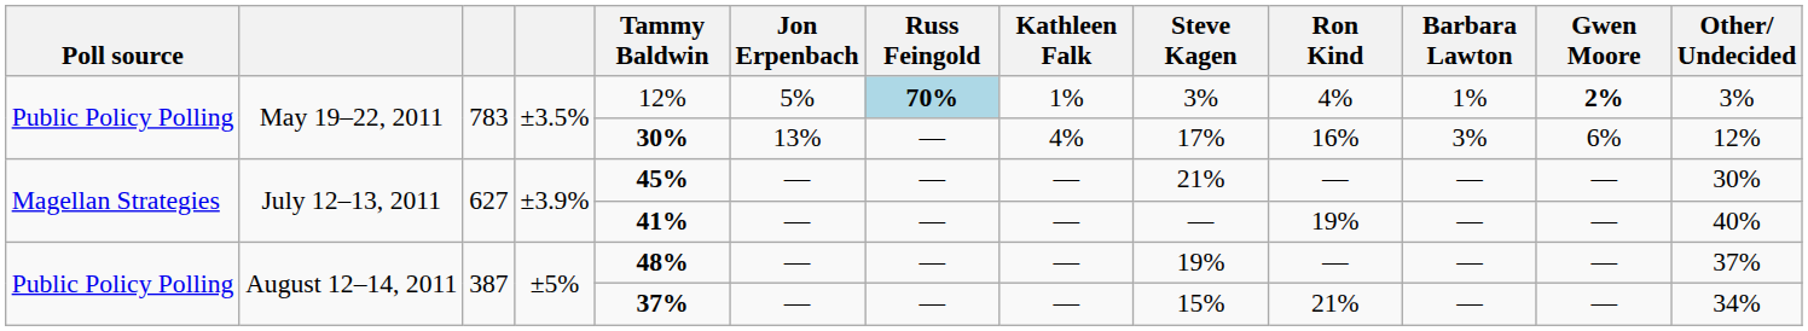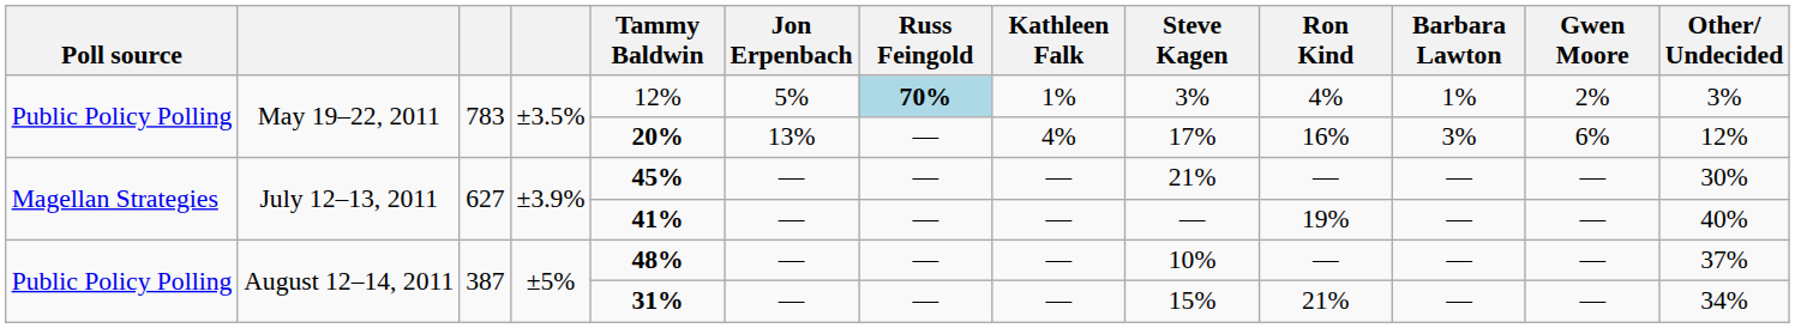 <table class="wikitable" style="text-align:center">
 <tr style="vertical-align:bottom">
 <th>Poll source</th>
 <th></th>
 <th></th>
 <th></th>
 <th style="width:75px;">Tammy<br>Baldwin</th>
 <th style="width:75px;">Jon<br>Erpenbach</th>
 <th style="width:75px;">Russ<br>Feingold</th>
 <th style="width:75px;">Kathleen<br>Falk</th>
 <th style="width:75px;">Steve<br>Kagen</th>
 <th style="width:75px;">Ron<br>Kind</th>
 <th style="width:75px;">Barbara<br>Lawton</th>
 <th style="width:75px;">Gwen<br>Moore</th>
 <th>Other/<br>Undecided</th>
 </tr>
 <tr>
 <td style="text-align:left" rowspan=2><a href='#'>Public Policy Polling</a></td>
 <td rowspan=2>May 19–22, 2011</td>
 <td rowspan=2>783</td>
 <td rowspan=2>±3.5%</td>
 <td>12%</td>
 <td>5%</td>
 <td style="background: lightblue;"><strong>70%</strong></td>
 <td>1%</td>
 <td>3%</td>
 <td>4%</td>
 <td>1%</td>
-<td><strong>2%</strong></td>
+<td>2%</td>
 <td>3%</td>
 </tr>
 <tr>
-<td><strong>30%</strong></td>
+<td><strong>20%</strong></td>
 <td>13%</td>
 <td>—</td>
 <td>4%</td>
 <td>17%</td>
 <td>16%</td>
 <td>3%</td>
 <td>6%</td>
 <td>12%</td>
 </tr>
 <tr>
 <td style="text-align:left" rowspan=2><a href='#'>Magellan Strategies</a></td>
 <td rowspan=2>July 12–13, 2011</td>
 <td rowspan=2>627</td>
 <td rowspan=2>±3.9%</td>
 <td><strong>45%</strong></td>
 <td>—</td>
 <td>—</td>
 <td>—</td>
 <td>21%</td>
 <td>—</td>
 <td>—</td>
 <td>—</td>
 <td>30%</td>
 </tr>
 <tr>
 <td><strong>41%</strong></td>
 <td>—</td>
 <td>—</td>
 <td>—</td>
 <td>—</td>
 <td>19%</td>
 <td>—</td>
 <td>—</td>
 <td>40%</td>
 </tr>
 <tr>
 <td style="text-align:left" rowspan=2><a href='#'>Public Policy Polling</a></td>
 <td rowspan=2>August 12–14, 2011</td>
 <td rowspan=2>387</td>
 <td rowspan=2>±5%</td>
 <td><strong>48%</strong></td>
 <td>—</td>
 <td>—</td>
 <td>—</td>
-<td>19%</td>
+<td>10%</td>
 <td>—</td>
 <td>—</td>
 <td>—</td>
 <td>37%</td>
 </tr>
 <tr>
-<td><strong>37%</strong></td>
+<td><strong>31%</strong></td>
 <td>—</td>
 <td>—</td>
 <td>—</td>
 <td>15%</td>
 <td>21%</td>
 <td>—</td>
 <td>—</td>
 <td>34%</td>
 </tr>
 </table>
